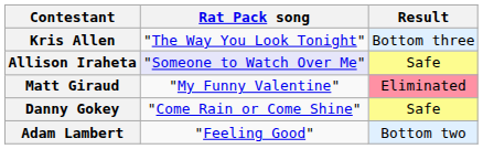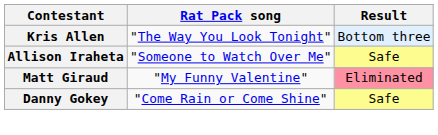 <table class="wikitable unsortable" style="text-align:center;">
 <tr>
 <th scope="col">Contestant</th>
 <th scope="col"><a href='#'>Rat Pack</a> song</th>
 <th scope="col">Result</th>
 </tr>
 <tr>
 <th scope="row">Kris Allen</th>
 <td>"<a href='#'>The Way You Look Tonight</a>"</td>
 <td bgcolor="E0F0FF">Bottom three</td>
 </tr>
 <tr>
 <th scope="row">Allison Iraheta</th>
-<td style="background: lavender;">"<a href='#'>Someone to Watch Over Me</a>"</td>
+<td>"<a href='#'>Someone to Watch Over Me</a>"</td>
 <td style="background:#FDFC8F">Safe</td>
 </tr>
 <tr>
 <th scope="row">Matt Giraud</th>
 <td>"<a href='#'>My Funny Valentine</a>"</td>
 <td bgcolor="FF91A4">Eliminated</td>
 </tr>
 <tr>
 <th scope="row">Danny Gokey</th>
 <td>"<a href='#'>Come Rain or Come Shine</a>"</td>
 <td style="background:#FDFC8F">Safe</td>
 </tr>
-<tr>
-<th scope="row">Adam Lambert</th>
-<td>"<a href='#'>Feeling Good</a>"</td>
-<td bgcolor="E0F0FF">Bottom two</td>
-</tr>
 </table>
